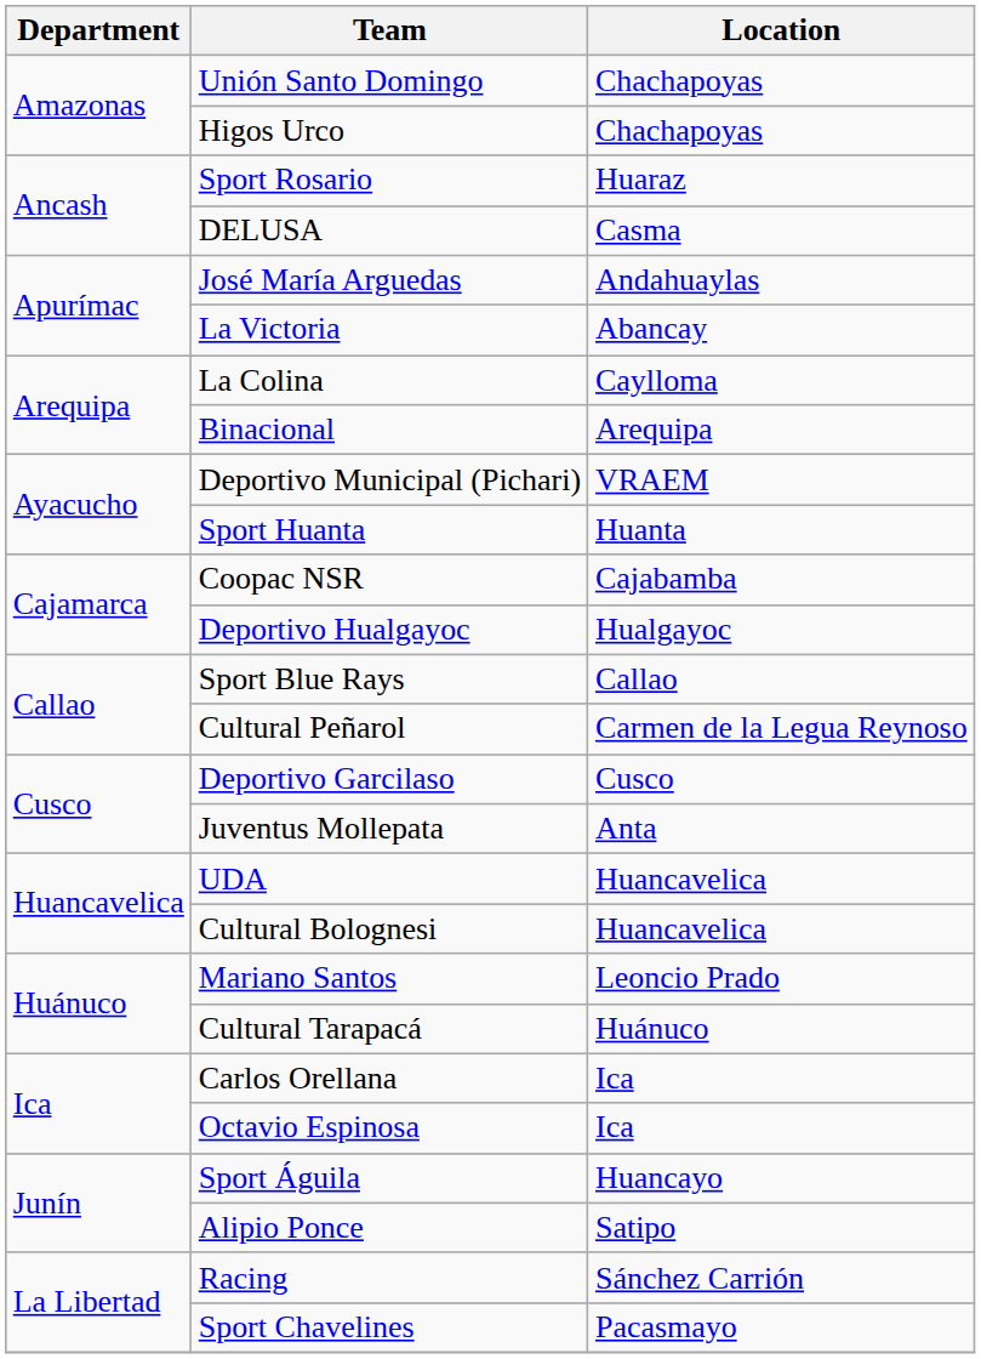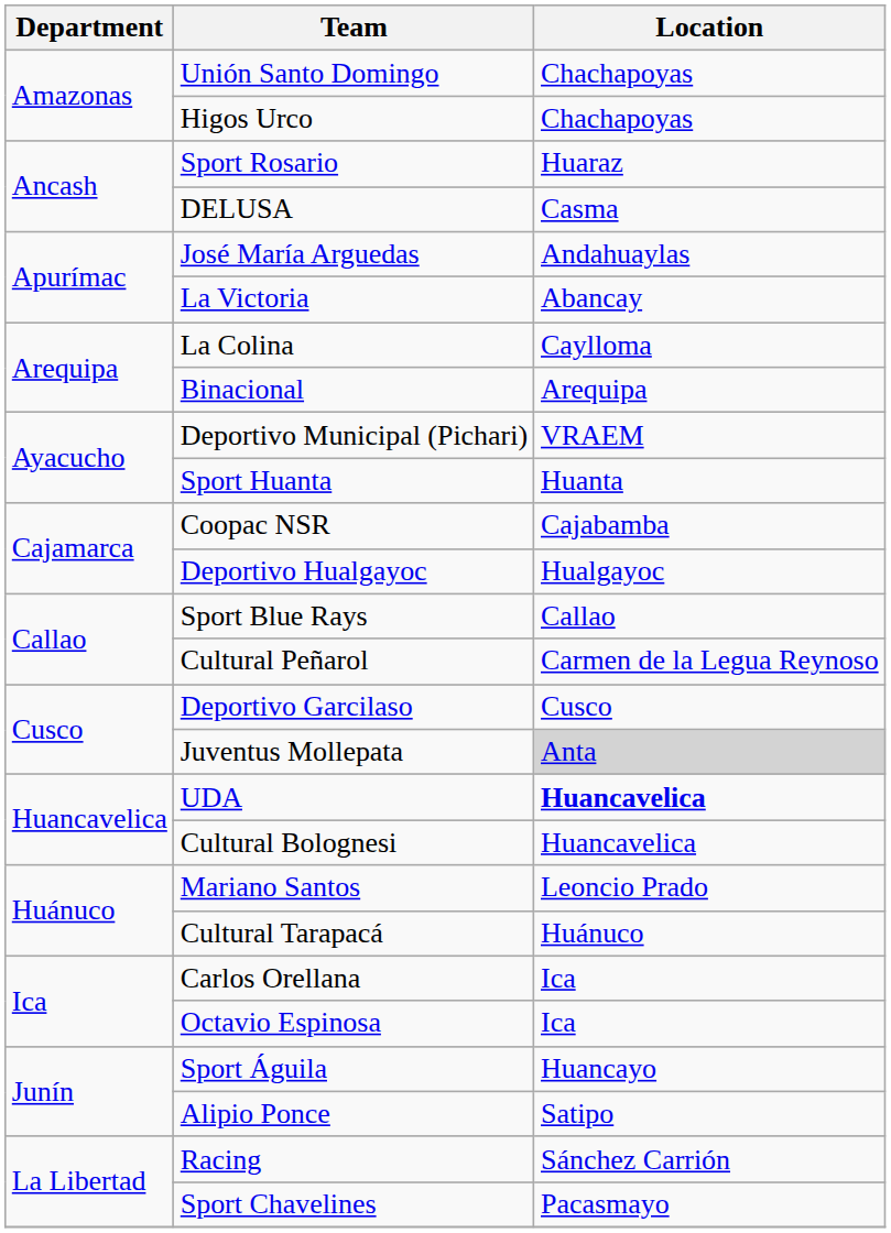 <table class="wikitable">
 <tr>
 <th>Department</th>
 <th>Team</th>
 <th>Location</th>
 </tr>
 <tr>
 <td rowspan="2"><a href='#'>Amazonas</a></td>
 <td><a href='#'>Unión Santo Domingo</a></td>
 <td><a href='#'>Chachapoyas</a></td>
 </tr>
 <tr>
 <td>Higos Urco</td>
 <td><a href='#'>Chachapoyas</a></td>
 </tr>
 <tr>
 <td rowspan="2"><a href='#'>Ancash</a></td>
 <td><a href='#'>Sport Rosario</a></td>
 <td><a href='#'>Huaraz</a></td>
 </tr>
 <tr>
 <td>DELUSA</td>
 <td><a href='#'>Casma</a></td>
 </tr>
 <tr>
 <td rowspan="2"><a href='#'>Apurímac</a></td>
 <td><a href='#'>José María Arguedas</a></td>
 <td><a href='#'>Andahuaylas</a></td>
 </tr>
 <tr>
 <td><a href='#'>La Victoria</a></td>
 <td><a href='#'>Abancay</a></td>
 </tr>
 <tr>
 <td rowspan="2"><a href='#'>Arequipa</a></td>
 <td>La Colina</td>
 <td><a href='#'>Caylloma</a></td>
 </tr>
 <tr>
 <td><a href='#'>Binacional</a></td>
 <td><a href='#'>Arequipa</a></td>
 </tr>
 <tr>
 <td rowspan="2"><a href='#'>Ayacucho</a></td>
 <td>Deportivo Municipal (Pichari)</td>
 <td><a href='#'>VRAEM</a></td>
 </tr>
 <tr>
 <td><a href='#'>Sport Huanta</a></td>
 <td><a href='#'>Huanta</a></td>
 </tr>
 <tr>
 <td rowspan="2"><a href='#'>Cajamarca</a></td>
 <td>Coopac NSR</td>
 <td><a href='#'>Cajabamba</a></td>
 </tr>
 <tr>
 <td><a href='#'>Deportivo Hualgayoc</a></td>
 <td><a href='#'>Hualgayoc</a></td>
 </tr>
 <tr>
 <td rowspan="2"><a href='#'>Callao</a></td>
 <td>Sport Blue Rays</td>
 <td><a href='#'>Callao</a></td>
 </tr>
 <tr>
 <td>Cultural Peñarol</td>
 <td><a href='#'>Carmen de la Legua Reynoso</a></td>
 </tr>
 <tr>
 <td rowspan="2"><a href='#'>Cusco</a></td>
 <td><a href='#'>Deportivo Garcilaso</a></td>
 <td><a href='#'>Cusco</a></td>
 </tr>
 <tr>
 <td>Juventus Mollepata</td>
-<td><a href='#'>Anta</a></td>
+<td style="background: lightgrey;"><a href='#'>Anta</a></td>
 </tr>
 <tr>
 <td rowspan="2"><a href='#'>Huancavelica</a></td>
 <td><a href='#'>UDA</a></td>
-<td><a href='#'>Huancavelica</a></td>
+<td><strong><a href='#'>Huancavelica</a></strong></td>
 </tr>
 <tr>
 <td>Cultural Bolognesi</td>
 <td><a href='#'>Huancavelica</a></td>
 </tr>
 <tr>
 <td rowspan="2"><a href='#'>Huánuco</a></td>
 <td><a href='#'>Mariano Santos</a></td>
 <td><a href='#'>Leoncio Prado</a></td>
 </tr>
 <tr>
 <td>Cultural Tarapacá</td>
 <td><a href='#'>Huánuco</a></td>
 </tr>
 <tr>
 <td rowspan="2"><a href='#'>Ica</a></td>
 <td>Carlos Orellana</td>
 <td><a href='#'>Ica</a></td>
 </tr>
 <tr>
 <td><a href='#'>Octavio Espinosa</a></td>
 <td><a href='#'>Ica</a></td>
 </tr>
 <tr>
 <td rowspan="2"><a href='#'>Junín</a></td>
 <td><a href='#'>Sport Águila</a></td>
 <td><a href='#'>Huancayo</a></td>
 </tr>
 <tr>
 <td><a href='#'>Alipio Ponce</a></td>
 <td><a href='#'>Satipo</a></td>
 </tr>
 <tr>
 <td rowspan="2"><a href='#'>La Libertad</a></td>
 <td><a href='#'>Racing</a></td>
 <td><a href='#'>Sánchez Carrión</a></td>
 </tr>
 <tr>
 <td><a href='#'>Sport Chavelines</a></td>
 <td><a href='#'>Pacasmayo</a></td>
 </tr>
 <tr>
 </tr>
 </table>
